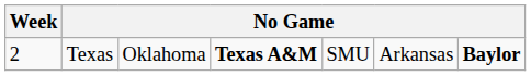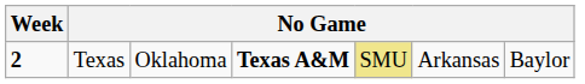 <table class="wikitable" style="font-size:95%">
 <tr>
 <th>Week</th>
 <th colspan="10">No Game</th>
 </tr>
 <tr>
-<td>2</td>
+<td><strong>2</strong></td>
 <td>Texas</td>
 <td>Oklahoma</td>
 <td><strong>Texas A&M</strong></td>
-<td>SMU</td>
+<td style="background: khaki;">SMU</td>
 <td>Arkansas</td>
-<td><strong>Baylor</strong></td>
+<td>Baylor</td>
 </tr>
 </table>
